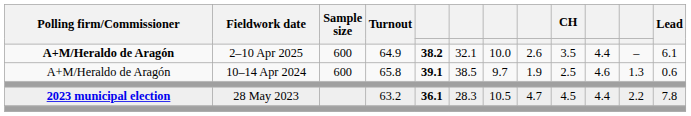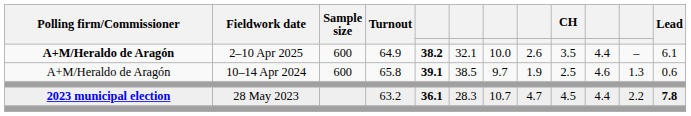 <table class="wikitable collapsible collapsed" style="text-align:center; font-size:95%; line-height:16px;">
 <tr style="height:42px;">
 <th style="width:250px;" rowspan="2">Polling firm/Commissioner</th>
 <th style="width:125px;" rowspan="2">Fieldwork date</th>
 <th style="width:50px;" rowspan="2">Sample size</th>
 <th style="width:45px;" rowspan="2">Turnout</th>
 <th style="width:35px;"></th>
 <th style="width:35px;"></th>
 <th style="width:35px;"></th>
 <th style="width:35px;"></th>
 <th style="width:35px;">CH</th>
 <th style="width:35px;"></th>
 <th style="width:35px;"></th>
 <th style="width:30px;" rowspan="2">Lead</th>
 </tr>
 <tr>
 <th style="color:inherit;background:"></th>
 <th style="color:inherit;background:"></th>
 <th style="color:inherit;background:"></th>
 <th style="color:inherit;background:"></th>
 <th style="color:inherit;background:"></th>
 <th style="color:inherit;background:"></th>
 <th style="color:inherit;background:"></th>
 </tr>
 <tr>
 <td><strong>A+M/Heraldo de Aragón</strong></td>
 <td>2–10 Apr 2025</td>
 <td>600</td>
 <td>64.9</td>
 <td><strong>38.2</strong><br></td>
 <td>32.1<br></td>
 <td>10.0<br></td>
 <td>2.6<br></td>
 <td>3.5<br></td>
 <td>4.4<br></td>
 <td>–</td>
 <td style="background:">6.1</td>
 </tr>
 <tr>
 <td>A+M/Heraldo de Aragón</td>
 <td>10–14 Apr 2024</td>
 <td>600</td>
 <td>65.8</td>
 <td><strong>39.1</strong><br></td>
 <td>38.5<br></td>
 <td>9.7<br></td>
 <td>1.9<br></td>
 <td>2.5<br></td>
 <td>4.6<br></td>
 <td>1.3<br></td>
 <td style="background:">0.6</td>
 </tr>
 <tr>
 <td colspan="12" style="background:#A0A0A0"></td>
 </tr>
 <tr style="background:#EFEFEF;">
 <td><strong><a href='#'>2023 municipal election</a></strong></td>
 <td>28 May 2023</td>
 <td></td>
 <td>63.2</td>
 <td><strong>36.1</strong><br></td>
 <td>28.3<br></td>
-<td>10.5<br></td>
+<td>10.7<br></td>
 <td>4.7<br></td>
 <td>4.5<br></td>
 <td>4.4<br></td>
 <td>2.2<br></td>
-<td style="background:">7.8</td>
+<td style="background:"><strong>7.8</strong></td>
 </tr>
 <tr>
 <td colspan="12" style="background:#A0A0A0"></td>
 </tr>
 </table>
